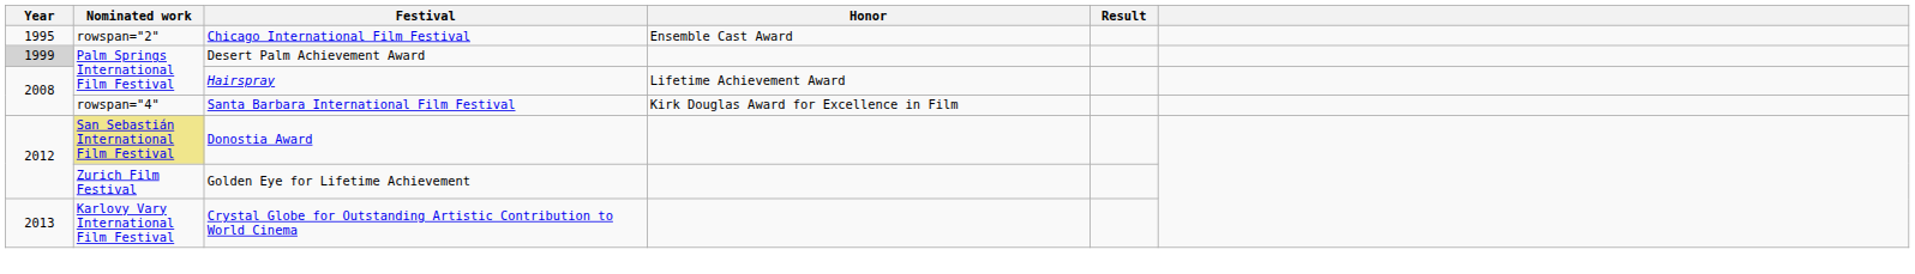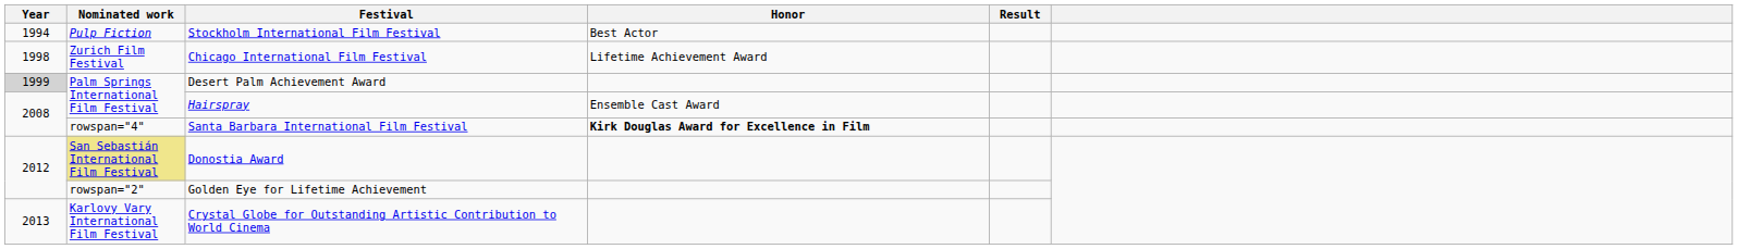 <table class="wikitable plainrowheaders" style="width:100%;">
 <tr>
 <th scope="col" style="width:5em;">Year</th>
 <th scope="col" style="width:10em;">Nominated work</th>
 <th scope="col" style="width:35em;">Festival</th>
 <th scope="col" style="width:35em;">Honor</th>
 <th scope="col" style="width:5em;">Result</th>
 <th></th>
 </tr>
 <tr>
-<td align="center">1995</td>
-<td>rowspan="2" </td>
+<td align="center">1994</td>
+<td><em><a href='#'>Pulp Fiction</a></em></td>
+<td><a href='#'>Stockholm International Film Festival</a></td>
+<td>Best Actor</td>
+<td></td>
+<td align="center"></td>
+</tr>
+<tr>
+<td align="center">1998</td>
+<td><a href='#'>Zurich Film Festival</a></td>
 <td><a href='#'>Chicago International Film Festival</a></td>
-<td>Ensemble Cast Award</td>
+<td>Lifetime Achievement Award</td>
 <td></td>
 <td align="center"></td>
 </tr>
 <tr>
 <td align="center" style="background: lightgrey;">1999</td>
 <td rowspan="2"><a href='#'>Palm Springs International Film Festival</a></td>
 <td>Desert Palm Achievement Award</td>
 <td></td>
 <td align="center"></td>
 </tr>
 <tr>
 <td align="center" rowspan="2">2008</td>
 <td><em><a href='#'>Hairspray</a></em></td>
-<td>Lifetime Achievement Award</td>
+<td>Ensemble Cast Award</td>
 <td></td>
 <td align="center"></td>
 </tr>
 <tr>
 <td>rowspan="4" </td>
 <td><a href='#'>Santa Barbara International Film Festival</a></td>
-<td>Kirk Douglas Award for Excellence in Film</td>
+<td><strong>Kirk Douglas Award for Excellence in Film</strong></td>
 <td></td>
 <td align="center"></td>
 </tr>
 <tr>
 <td align="center" rowspan="2">2012</td>
 <td style="background: khaki;"><a href='#'>San Sebastián International Film Festival</a></td>
 <td><a href='#'>Donostia Award</a></td>
 <td></td>
 <td align="center"></td>
 </tr>
 <tr>
-<td><a href='#'>Zurich Film Festival</a></td>
+<td>rowspan="2" </td>
 <td>Golden Eye for Lifetime Achievement</td>
 <td></td>
 <td align="center"></td>
 </tr>
 <tr>
 <td align="center">2013</td>
 <td><a href='#'>Karlovy Vary International Film Festival</a></td>
 <td><a href='#'>Crystal Globe for Outstanding Artistic Contribution to World Cinema</a></td>
 <td></td>
 <td align="center"></td>
 </tr>
 </table>
